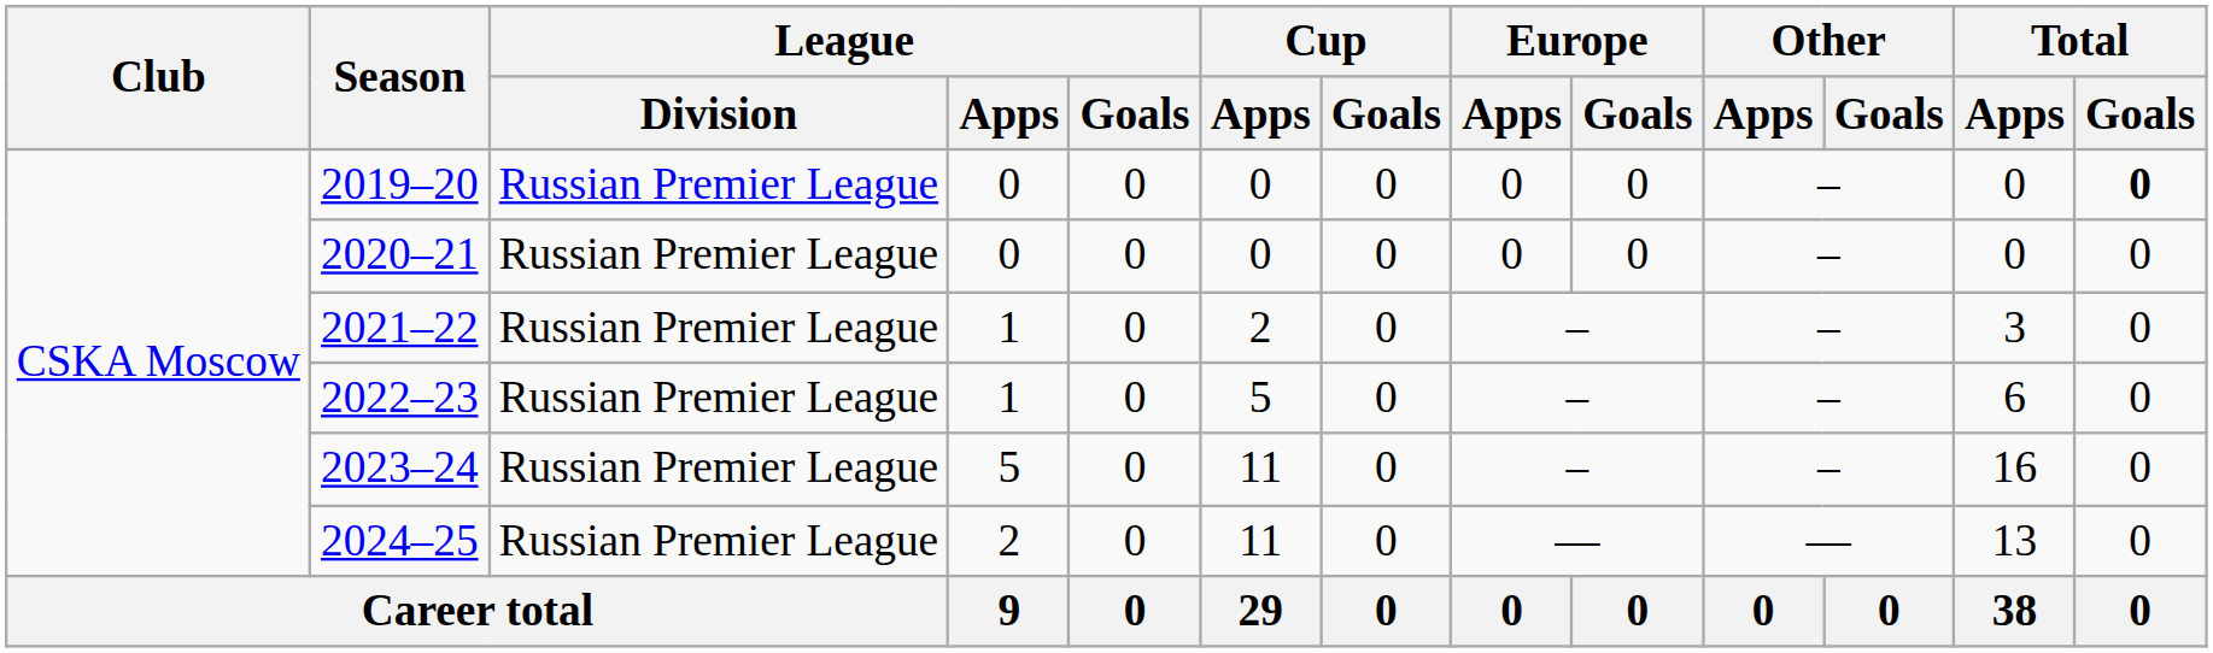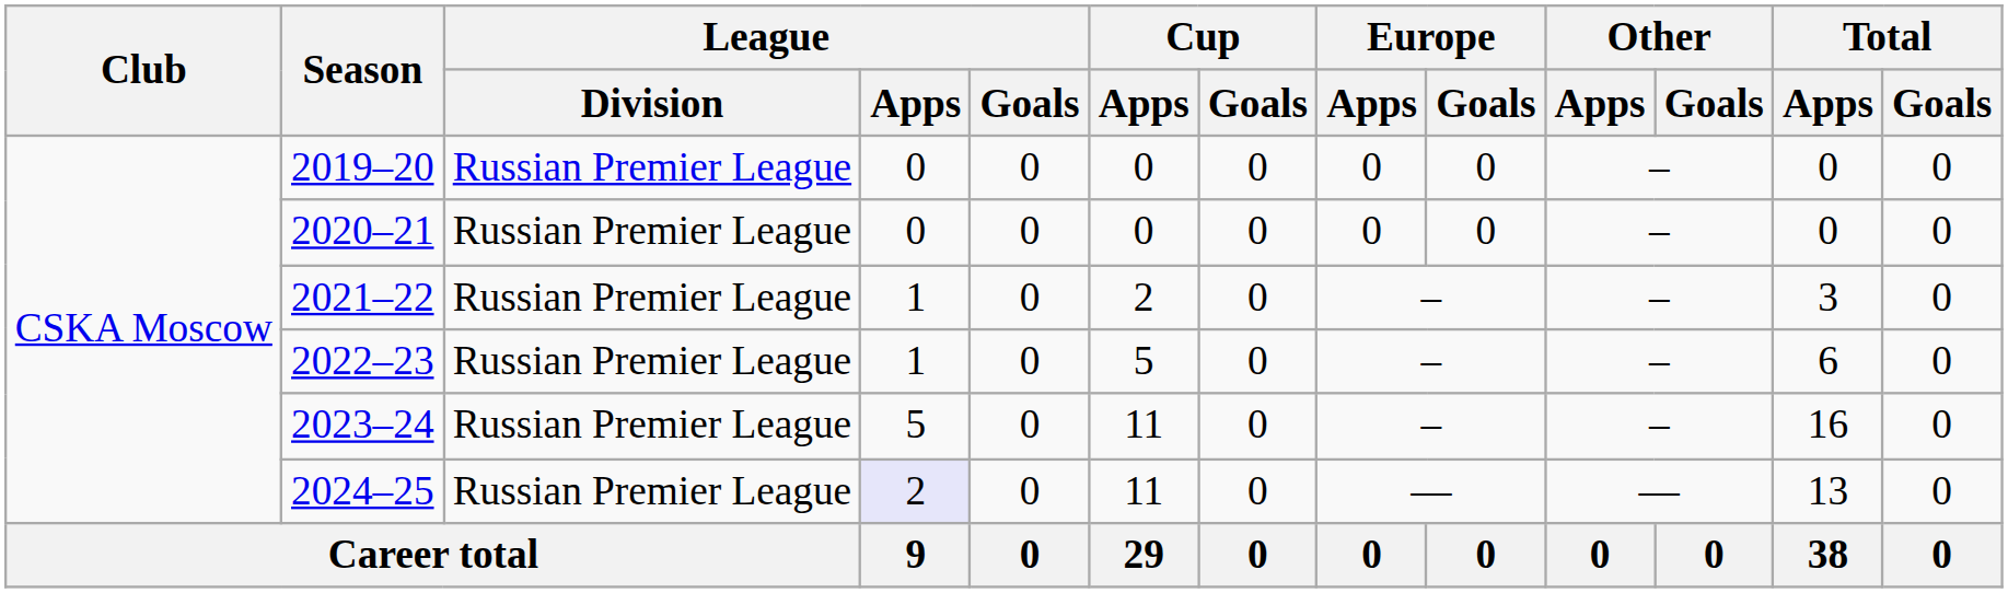 <table class="wikitable" style="text-align: center;">
 <tr>
 <th rowspan="2">Club</th>
 <th rowspan="2">Season</th>
 <th colspan="3">League</th>
 <th colspan="2">Cup</th>
 <th colspan="2">Europe</th>
 <th colspan="2">Other</th>
 <th colspan="2">Total</th>
 </tr>
 <tr>
 <th>Division</th>
 <th>Apps</th>
 <th>Goals</th>
 <th>Apps</th>
 <th>Goals</th>
 <th>Apps</th>
 <th>Goals</th>
 <th>Apps</th>
 <th>Goals</th>
 <th>Apps</th>
 <th>Goals</th>
 </tr>
 <tr>
 <td rowspan="6"><a href='#'>CSKA Moscow</a></td>
 <td><a href='#'>2019–20</a></td>
 <td><a href='#'>Russian Premier League</a></td>
 <td>0</td>
 <td>0</td>
 <td>0</td>
 <td>0</td>
 <td>0</td>
 <td>0</td>
 <td colspan=2>–</td>
 <td>0</td>
-<td><strong>0</strong></td>
+<td>0</td>
 </tr>
 <tr>
 <td><a href='#'>2020–21</a></td>
 <td>Russian Premier League</td>
 <td>0</td>
 <td>0</td>
 <td>0</td>
 <td>0</td>
 <td>0</td>
 <td>0</td>
 <td colspan=2>–</td>
 <td>0</td>
 <td>0</td>
 </tr>
 <tr>
 <td><a href='#'>2021–22</a></td>
 <td>Russian Premier League</td>
 <td>1</td>
 <td>0</td>
 <td>2</td>
 <td>0</td>
 <td colspan=2>–</td>
 <td colspan=2>–</td>
 <td>3</td>
 <td>0</td>
 </tr>
 <tr>
 <td><a href='#'>2022–23</a></td>
 <td>Russian Premier League</td>
 <td>1</td>
 <td>0</td>
 <td>5</td>
 <td>0</td>
 <td colspan=2>–</td>
 <td colspan=2>–</td>
 <td>6</td>
 <td>0</td>
 </tr>
 <tr>
 <td><a href='#'>2023–24</a></td>
 <td>Russian Premier League</td>
 <td>5</td>
 <td>0</td>
 <td>11</td>
 <td>0</td>
 <td colspan=2>–</td>
 <td colspan=2>–</td>
 <td>16</td>
 <td>0</td>
 </tr>
 <tr>
 <td><a href='#'>2024–25</a></td>
 <td>Russian Premier League</td>
-<td>2</td>
+<td style="background: lavender;">2</td>
 <td>0</td>
 <td>11</td>
 <td>0</td>
 <td colspan="2">—</td>
 <td colspan="2">—</td>
 <td>13</td>
 <td>0</td>
 </tr>
 <tr>
 <th colspan="3">Career total</th>
 <th>9</th>
 <th>0</th>
 <th>29</th>
 <th>0</th>
 <th>0</th>
 <th>0</th>
 <th>0</th>
 <th>0</th>
 <th>38</th>
 <th>0</th>
 </tr>
 </table>
